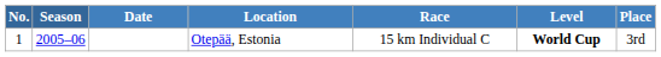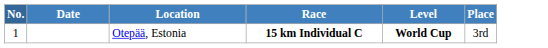 <table class="wikitable sortable" style="font-size:95%; text-align:center; border:grey solid 1px; border-collapse:collapse; background:#ffffff;">
 <tr style="background:#efefef;">
 <th style="background-color:#369; color:white;">No.</th>
-<th style="background-color:#369; color:white;">Season</th>
 <th style="background-color:#4180be; color:white; width:100px;">Date</th>
 <th style="background-color:#4180be; color:white; width:170px;">Location</th>
 <th style="background-color:#4180be; color:white; width:170px;">Race</th>
 <th style="background-color:#4180be; color:white; width:100px;">Level</th>
 <th style="background-color:#4180be; color:white;">Place</th>
 </tr>
 <tr>
 <td>1</td>
-<td><a href='#'>2005–06</a></td>
 <td style="text-align: right;"></td>
 <td style="text-align: left;"> <a href='#'>Otepää</a>, Estonia</td>
-<td>15 km Individual C</td>
+<td><strong>15 km Individual C</strong></td>
 <td><strong>World Cup</strong></td>
 <td>3rd</td>
 </tr>
 </table>
